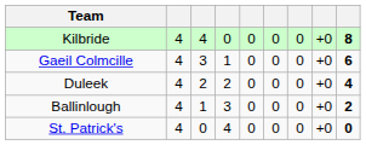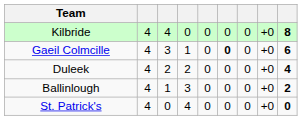 <table class="wikitable" style="text-align:center">
 <tr>
 <th style="width:175px;">Team</th>
 <th width="20"></th>
 <th width="20"></th>
 <th width="20"></th>
 <th width="20"></th>
 <th width="20"></th>
 <th width="20"></th>
 <th width="20"></th>
 <th width="20"></th>
 </tr>
 <tr style="background:#cfc;">
 <td>Kilbride</td>
 <td>4</td>
 <td>4</td>
 <td>0</td>
 <td>0</td>
 <td>0</td>
 <td>0</td>
 <td>+0</td>
 <td><strong>8</strong></td>
 </tr>
 <tr>
 <td><a href='#'>Gaeil Colmcille</a></td>
 <td>4</td>
 <td>3</td>
 <td>1</td>
 <td>0</td>
-<td>0</td>
+<td><strong>0</strong></td>
 <td>0</td>
 <td>+0</td>
 <td><strong>6</strong></td>
 </tr>
 <tr>
 <td>Duleek</td>
 <td>4</td>
 <td>2</td>
 <td>2</td>
 <td>0</td>
 <td>0</td>
 <td>0</td>
 <td>+0</td>
 <td><strong>4</strong></td>
 </tr>
 <tr>
 <td>Ballinlough</td>
 <td>4</td>
 <td>1</td>
 <td>3</td>
 <td>0</td>
 <td>0</td>
 <td>0</td>
 <td>+0</td>
 <td><strong>2</strong></td>
 </tr>
 <tr>
 <td><a href='#'>St. Patrick's</a></td>
 <td>4</td>
 <td>0</td>
 <td>4</td>
 <td>0</td>
 <td>0</td>
 <td>0</td>
 <td>+0</td>
 <td><strong>0</strong></td>
 </tr>
 </table>
